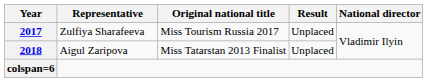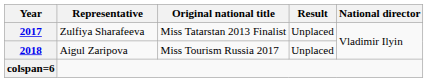 <table class="wikitable defaultcenter col2left" style="font-size:95%;">
 <tr>
 <th>Year</th>
 <th>Representative</th>
 <th>Original national title</th>
 <th>Result</th>
 <th>National director</th>
 </tr>
 <tr>
 <th><a href='#'>2017</a></th>
 <td>Zulfiya Sharafeeva    </td>
-<td>Miss Tourism Russia 2017</td>
+<td>Miss Tatarstan 2013 Finalist</td>
 <td>Unplaced</td>
 <td rowspan=2>Vladimir Ilyin</td>
 </tr>
 <tr>
 <th><a href='#'>2018</a></th>
 <td>Aigul Zaripova    </td>
-<td>Miss Tatarstan 2013 Finalist</td>
+<td>Miss Tourism Russia 2017</td>
 <td>Unplaced</td>
 </tr>
 <tr>
 <th>colspan=6 </th>
 </tr>
 </table>
